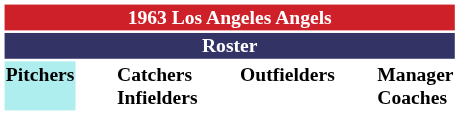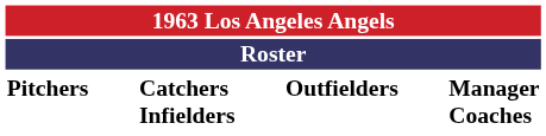 <table class="toccolours" style="font-size: 95%;">
 <tr>
 <th colspan="10" style="background-color: #CE2029; color: white; text-align: center;">1963 Los Angeles Angels</th>
 </tr>
 <tr>
 <td colspan="10" style="background-color: #333366; color: white; text-align: center;"><strong>Roster</strong></td>
 </tr>
 <tr>
-<td valign="top" style="background: paleturquoise;"><strong>Pitchers</strong><br>                 </td>
+<td valign="top"><strong>Pitchers</strong><br>                 </td>
 <td width="25px"></td>
 <td valign="top"><strong>Catchers</strong><br>    <strong>Infielders</strong>        </td>
 <td width="25px"></td>
 <td valign="top"><strong>Outfielders</strong><br>      </td>
 <td width="25px"></td>
 <td valign="top"><strong>Manager</strong><br> <strong>Coaches</strong>    </td>
 </tr>
 <tr>
 </tr>
 </table>
